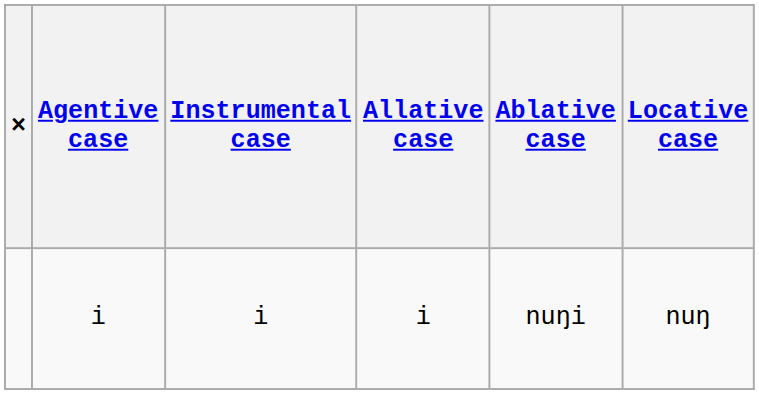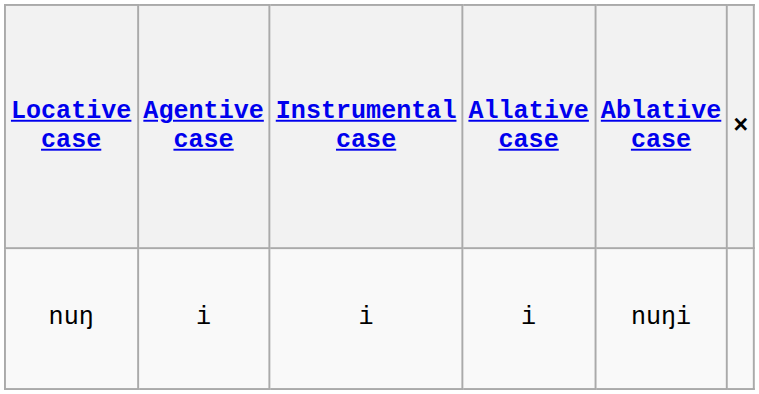 <table class="wikitable" style="text-align: center; width: 200px; height: 200px;">
 <tr>
-<th>×</th>
+<th><a href='#'>Locative case</a></th>
 <th><a href='#'>Agentive  case</a></th>
 <th><a href='#'>Instrumental case</a></th>
 <th><a href='#'>Allative case</a></th>
 <th><a href='#'>Ablative case</a></th>
-<th><a href='#'>Locative case</a></th>
+<th>×</th>
 </tr>
 <tr>
-<td></td>
+<td>nuŋ</td>
 <td>i</td>
 <td>i</td>
 <td>i</td>
 <td>nuŋi</td>
-<td>nuŋ</td>
+<td></td>
 </tr>
 </table>
